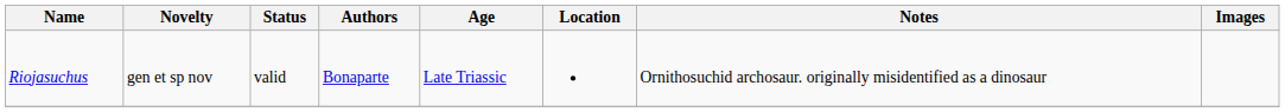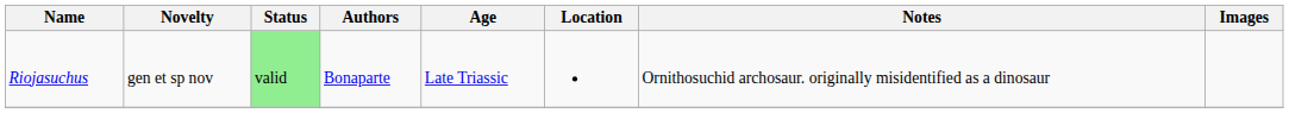 <table class="wikitable sortable" align="center" width="100%">
 <tr>
 <th>Name</th>
 <th>Novelty</th>
 <th>Status</th>
 <th>Authors</th>
 <th>Age</th>
 <th>Location</th>
 <th>Notes</th>
 <th>Images</th>
 </tr>
 <tr>
 <td><br><em><a href='#'>Riojasuchus</a></em></td>
 <td><br>gen et sp nov</td>
-<td><br>valid</td>
+<td style="background: lightgreen;"><br>valid</td>
 <td><br><a href='#'>Bonaparte</a></td>
 <td><br><a href='#'>Late Triassic</a></td>
 <td><br><ul><li></li></ul></td>
 <td><br>Ornithosuchid archosaur. originally misidentified as a dinosaur</td>
 <td><br></td>
 </tr>
 <tr>
 </tr>
 </table>
